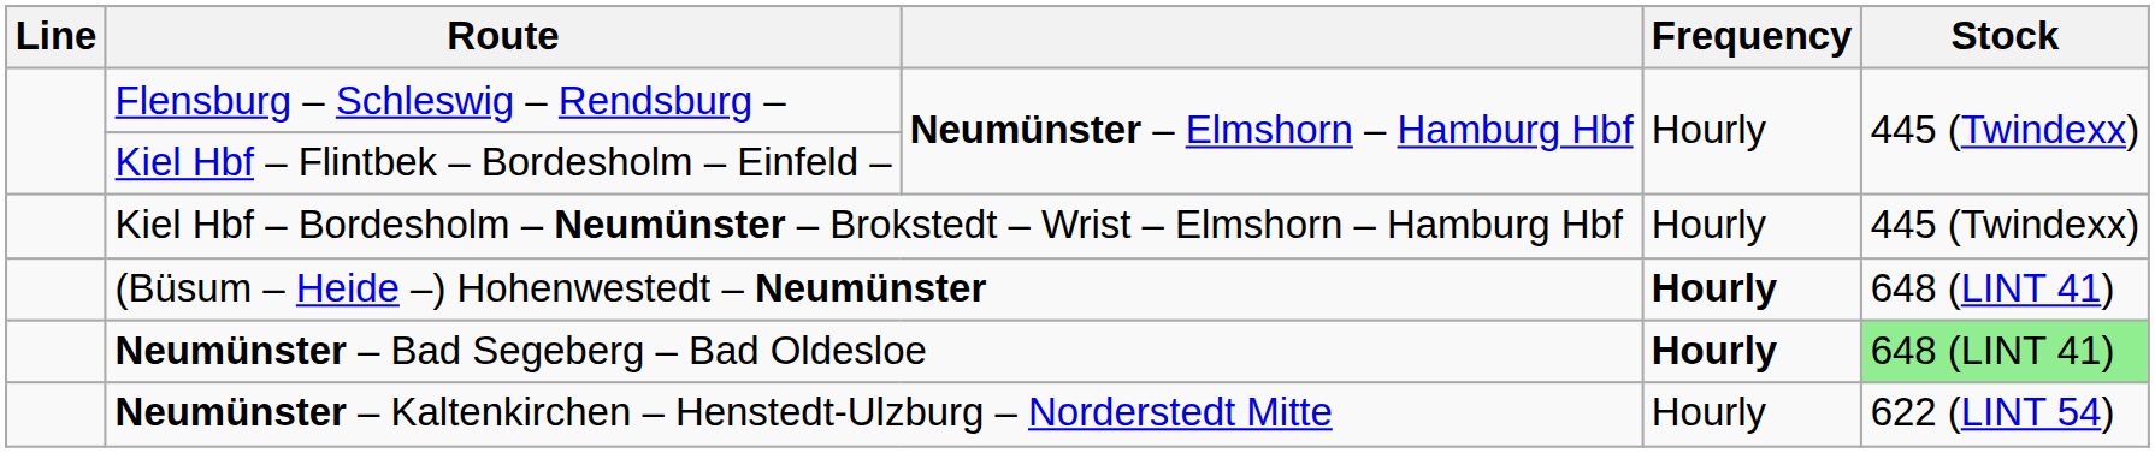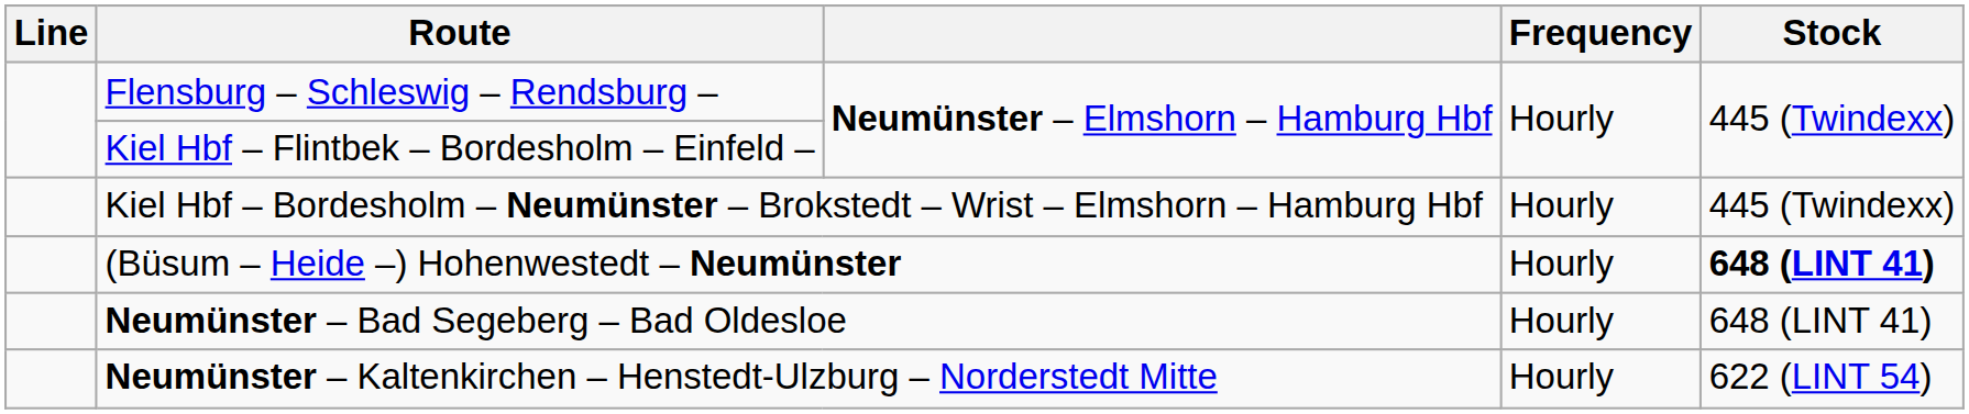 <table class="wikitable">
 <tr>
 <th>Line</th>
 <th>Route</th>
 <th></th>
 <th>Frequency</th>
 <th>Stock</th>
 </tr>
 <tr>
 <td rowspan="2"></td>
 <td><a href='#'>Flensburg</a> – <a href='#'>Schleswig</a> – <a href='#'>Rendsburg</a> –</td>
 <td rowspan="2"><strong>Neumünster</strong> – <a href='#'>Elmshorn</a> – <a href='#'>Hamburg Hbf</a></td>
 <td rowspan="2">Hourly</td>
 <td rowspan="2">445 (<a href='#'>Twindexx</a>)</td>
 </tr>
 <tr>
 <td><a href='#'>Kiel Hbf</a> – Flintbek – Bordesholm – Einfeld –</td>
 </tr>
 <tr>
 <td></td>
 <td colspan="2">Kiel Hbf – Bordesholm – <strong>Neumünster</strong> – Brokstedt – Wrist – Elmshorn – Hamburg Hbf</td>
 <td>Hourly</td>
 <td>445 (Twindexx)</td>
 </tr>
 <tr>
 <td></td>
 <td colspan="2">(Büsum – <a href='#'>Heide</a> –) Hohenwestedt – <strong>Neumünster</strong></td>
-<td><strong>Hourly</strong></td>
-<td>648 (<a href='#'>LINT 41</a>)</td>
+<td>Hourly</td>
+<td><strong>648 (<a href='#'>LINT 41</a>)</strong></td>
 </tr>
 <tr>
 <td></td>
 <td colspan="2"><strong>Neumünster</strong> – Bad Segeberg – Bad Oldesloe</td>
-<td><strong>Hourly</strong></td>
-<td style="background: lightgreen;">648 (LINT 41)</td>
+<td>Hourly</td>
+<td>648 (LINT 41)</td>
 </tr>
 <tr>
 <td></td>
 <td colspan="2"><strong>Neumünster</strong> – Kaltenkirchen – Henstedt-Ulzburg – <a href='#'>Norderstedt Mitte</a></td>
 <td>Hourly</td>
 <td>622 (<a href='#'>LINT 54</a>)</td>
 </tr>
 </table>
